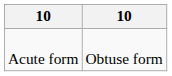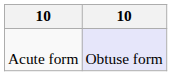 <table class=wikitable>
 <tr>
 <th>10</th>
 <th>10</th>
 </tr>
 <tr align=center>
 <td><br>Acute form</td>
-<td><br>Obtuse form</td>
+<td style="background: lavender;"><br>Obtuse form</td>
 </tr>
 </table>
